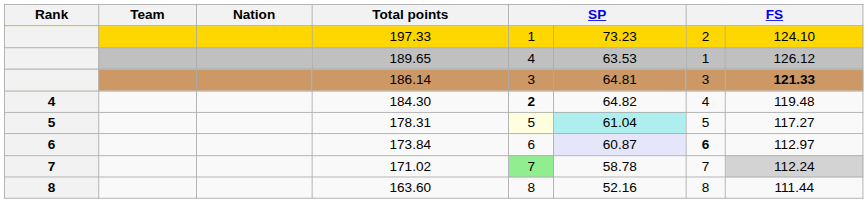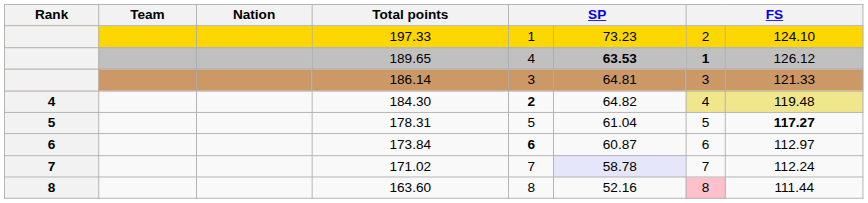 <table class="wikitable sortable" style="text-align:center;" width="80%">
 <tr>
 <th scope="col">Rank</th>
 <th scope="col">Team</th>
 <th scope="col">Nation</th>
 <th scope="col">Total points</th>
 <th scope="col" colspan="2" width="80px"><a href='#'>SP</a></th>
 <th scope="col" colspan="2" width="80px"><a href='#'>FS</a></th>
 </tr>
 <tr bgcolor="gold">
 <th scope="row"></th>
 <td align="left"></td>
 <td align="left"></td>
 <td>197.33</td>
 <td>1</td>
 <td>73.23</td>
 <td>2</td>
 <td>124.10</td>
 </tr>
 <tr bgcolor="silver">
 <th scope="row"></th>
 <td align="left"></td>
 <td align="left"></td>
 <td>189.65</td>
 <td>4</td>
-<td>63.53</td>
-<td>1</td>
+<td><strong>63.53</strong></td>
+<td><strong>1</strong></td>
 <td>126.12</td>
 </tr>
 <tr bgcolor="cc9966">
 <th scope="row"></th>
 <td align="left"></td>
 <td align="left"></td>
 <td>186.14</td>
 <td>3</td>
 <td>64.81</td>
 <td>3</td>
-<td><strong>121.33</strong></td>
+<td>121.33</td>
 </tr>
 <tr>
 <th scope="row">4</th>
 <td align="left"></td>
 <td align="left"></td>
 <td>184.30</td>
 <td><strong>2</strong></td>
 <td>64.82</td>
-<td>4</td>
-<td>119.48</td>
+<td style="background: khaki;">4</td>
+<td style="background: khaki;">119.48</td>
 </tr>
 <tr>
 <th scope="row">5</th>
 <td align="left"></td>
 <td align="left"></td>
 <td>178.31</td>
-<td style="background: lightyellow;">5</td>
-<td style="background: paleturquoise;">61.04</td>
 <td>5</td>
-<td>117.27</td>
+<td>61.04</td>
+<td>5</td>
+<td><strong>117.27</strong></td>
 </tr>
 <tr>
 <th scope="row">6</th>
 <td align="left"></td>
 <td align="left"></td>
 <td>173.84</td>
+<td><strong>6</strong></td>
+<td>60.87</td>
 <td>6</td>
-<td style="background: lavender;">60.87</td>
-<td><strong>6</strong></td>
 <td>112.97</td>
 </tr>
 <tr>
 <th scope="row">7</th>
 <td align="left"></td>
 <td align="left"></td>
 <td>171.02</td>
-<td style="background: lightgreen;">7</td>
-<td>58.78</td>
 <td>7</td>
-<td style="background: lightgrey;">112.24</td>
+<td style="background: lavender;">58.78</td>
+<td>7</td>
+<td>112.24</td>
 </tr>
 <tr>
 <th scope="row">8</th>
 <td align="left"></td>
 <td align="left"></td>
 <td>163.60</td>
 <td>8</td>
 <td>52.16</td>
-<td>8</td>
+<td style="background: pink;">8</td>
 <td>111.44</td>
 </tr>
 </table>
